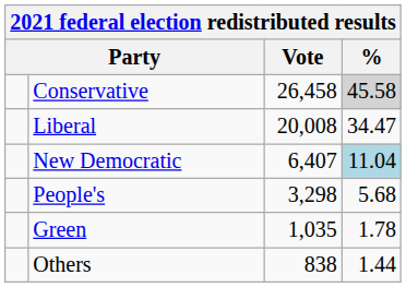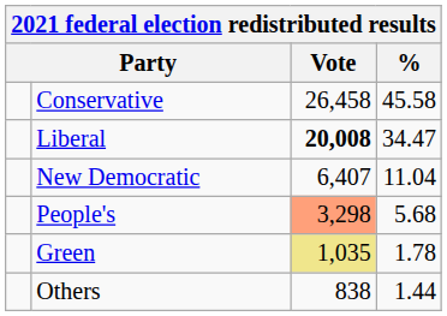 <table class="wikitable">
 <tr>
 <th colspan="4"><a href='#'>2021 federal election</a> redistributed results</th>
 </tr>
 <tr>
 <th bgcolor="#DDDDFF" width="130px" colspan="2">Party</th>
 <th bgcolor="#DDDDFF" width="50px">Vote</th>
 <th bgcolor="#DDDDFF" width="30px">%</th>
 </tr>
 <tr>
 <td> </td>
 <td><a href='#'>Conservative</a></td>
 <td align=right>26,458</td>
-<td align=right style="background: lightgrey;">45.58</td>
+<td align=right>45.58</td>
 </tr>
 <tr>
 <td> </td>
 <td><a href='#'>Liberal</a></td>
-<td align=right>20,008</td>
+<td align=right><strong>20,008</strong></td>
 <td align=right>34.47</td>
 </tr>
 <tr>
 <td> </td>
 <td><a href='#'>New Democratic</a></td>
 <td align=right>6,407</td>
-<td align=right style="background: lightblue;">11.04</td>
+<td align=right>11.04</td>
 </tr>
 <tr>
 <td> </td>
 <td><a href='#'>People's</a></td>
-<td align=right>3,298</td>
+<td align=right style="background: lightsalmon;">3,298</td>
 <td align=right>5.68</td>
 </tr>
 <tr>
 <td> </td>
 <td><a href='#'>Green</a></td>
-<td align=right>1,035</td>
+<td align=right style="background: khaki;">1,035</td>
 <td align=right>1.78</td>
 </tr>
 <tr>
 <td> </td>
 <td>Others</td>
 <td align=right>838</td>
 <td align=right>1.44</td>
 </tr>
 </table>
